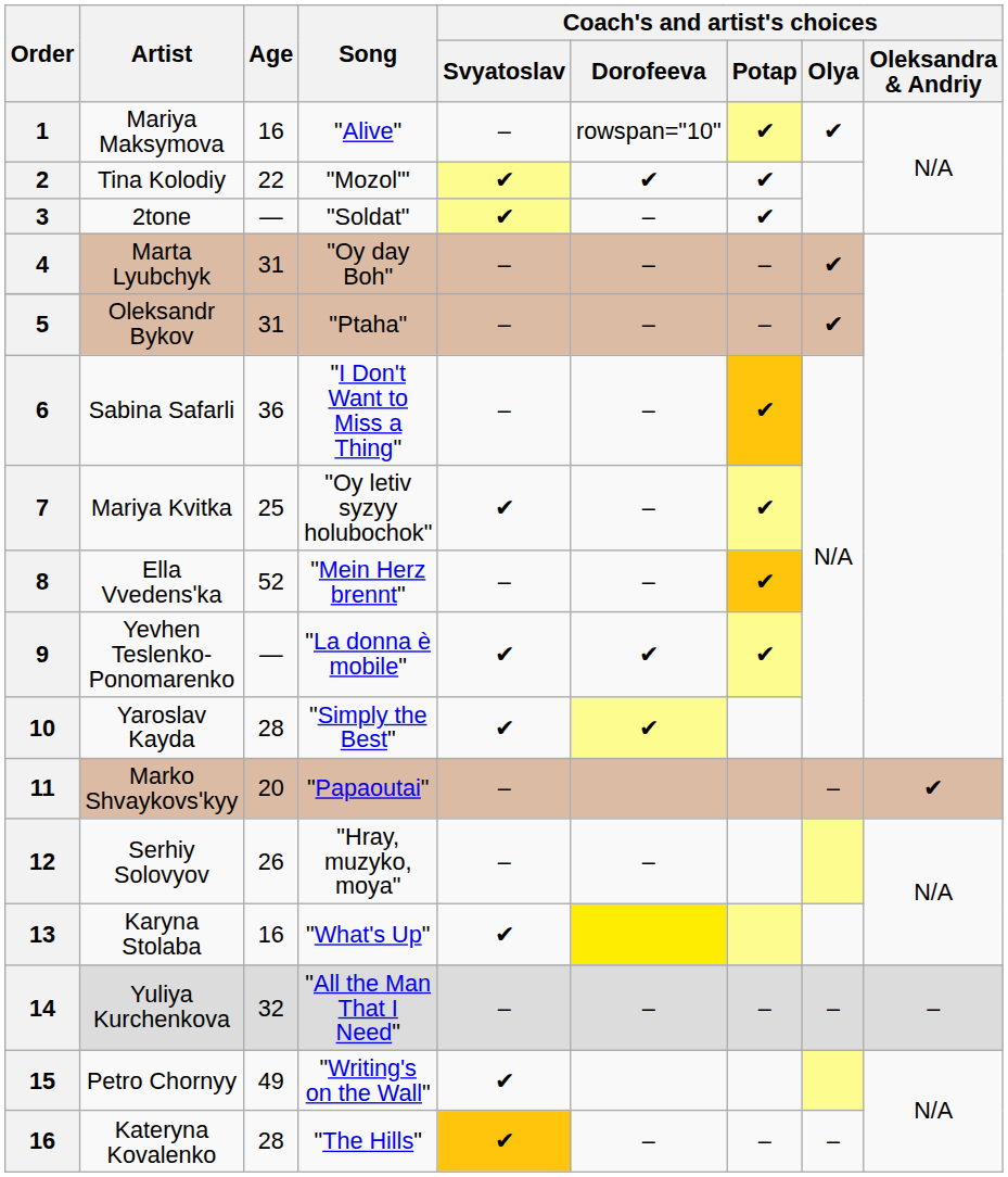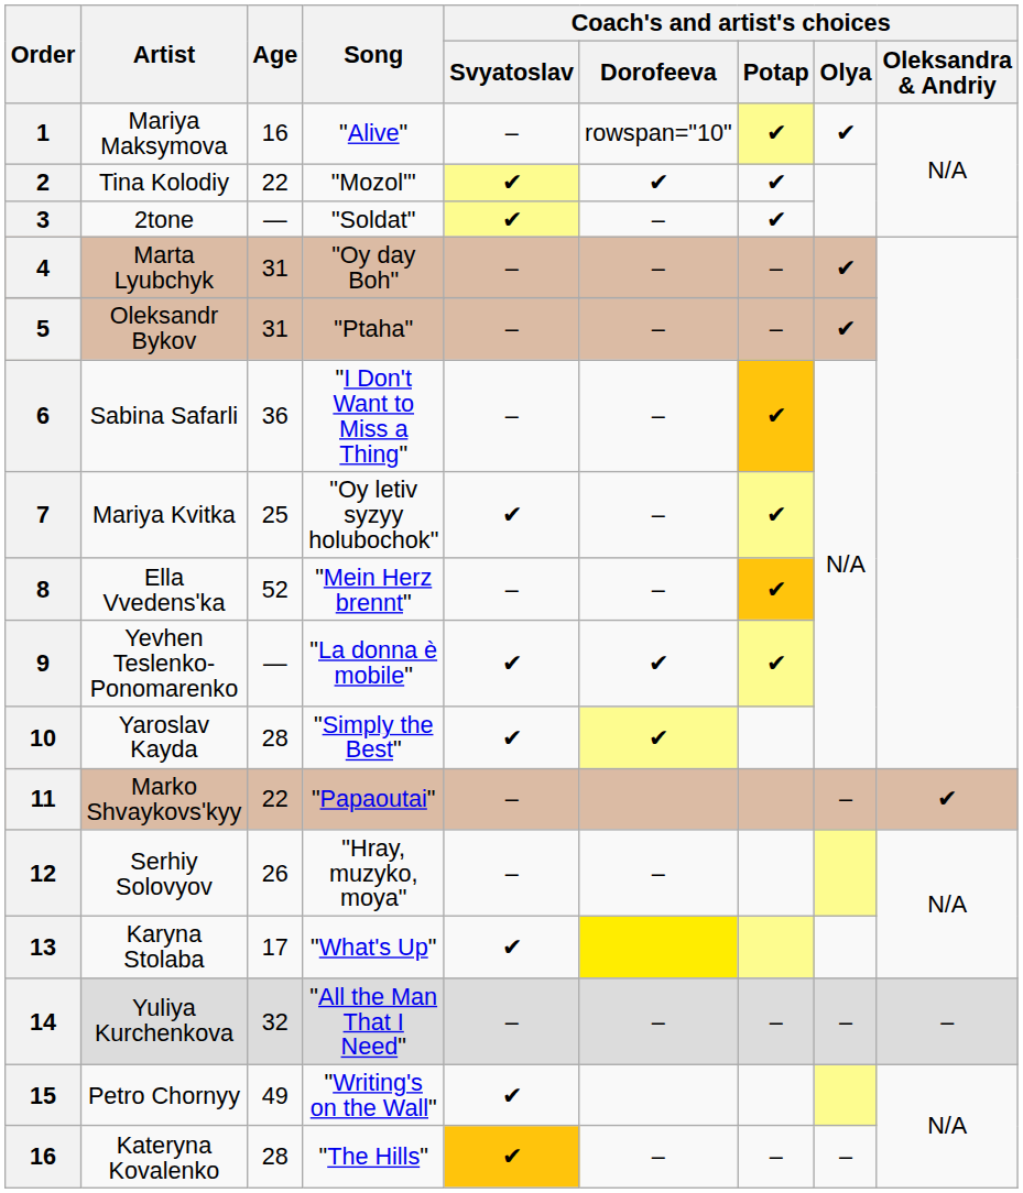 <table class="wikitable" style="text-align:center; line-height:17px; width:100%">
 <tr>
 <th rowspan="2" scope="col" style="width:03%">Order</th>
 <th rowspan="2" scope="col" style="width:20%">Artist</th>
 <th rowspan="2" scope="col" style="width:04%">Age</th>
 <th rowspan="2" scope="col" style="width:20%">Song</th>
 <th colspan="5" scope="col" style="width:28%">Coach's and artist's choices</th>
 </tr>
 <tr>
 <th style="width:7.5%">Svyatoslav</th>
 <th style="width:7.5%">Dorofeeva</th>
 <th style="width:7.5%">Potap</th>
 <th style="width:7.5%">Olya</th>
 <th style="width:7.5%">Oleksandra<br>& Andriy</th>
 </tr>
 <tr>
 <th>1</th>
 <td>Mariya Maksymova</td>
 <td>16</td>
 <td>"<a href='#'>Alive</a>"</td>
 <td>–</td>
 <td>rowspan="10" </td>
 <td style="background:#fdfc8f">✔</td>
 <td>✔</td>
 <td rowspan="3">N/A</td>
 </tr>
 <tr>
 <th>2</th>
 <td>Tina Kolodiy</td>
 <td>22</td>
 <td>"Mozol'"</td>
 <td style="background:#fdfc8f">✔</td>
 <td>✔</td>
 <td>✔</td>
 </tr>
 <tr>
 <th>3</th>
 <td>2tone</td>
 <td>—</td>
 <td>"Soldat"</td>
 <td style="background:#fdfc8f">✔</td>
 <td>–</td>
 <td>✔</td>
 </tr>
 <tr style="background:#dbbba4">
 <th>4</th>
 <td>Marta Lyubchyk</td>
 <td>31</td>
 <td>"Oy day Boh"</td>
 <td>–</td>
 <td>–</td>
 <td>–</td>
 <td>✔</td>
 </tr>
 <tr>
 </tr>
 <tr style="background:#dbbba4">
 <th>5</th>
 <td>Oleksandr Bykov</td>
 <td>31</td>
 <td>"Ptaha"</td>
 <td>–</td>
 <td>–</td>
 <td>–</td>
 <td>✔</td>
 </tr>
 <tr>
 <th>6</th>
 <td>Sabina Safarli</td>
 <td>36</td>
 <td>"<a href='#'>I Don't Want to Miss a Thing</a>"</td>
 <td>–</td>
 <td>–</td>
 <td style="background:#ffc40c">✔</td>
 <td rowspan="5">N/A</td>
 </tr>
 <tr>
 <th>7</th>
 <td>Mariya Kvitka</td>
 <td>25</td>
 <td>"Oy letiv syzyy holubochok"</td>
 <td>✔</td>
 <td>–</td>
 <td style="background:#fdfc8f">✔</td>
 </tr>
 <tr>
 <th>8</th>
 <td>Ella Vvedensʹka</td>
 <td>52</td>
 <td>"<a href='#'>Mein Herz brennt</a>"</td>
 <td>–</td>
 <td>–</td>
 <td style="background:#ffc40c">✔</td>
 </tr>
 <tr>
 <th>9</th>
 <td>Yevhen Teslenko-Ponomarenko</td>
 <td>—</td>
 <td>"<a href='#'>La donna è mobile</a>"</td>
 <td>✔</td>
 <td>✔</td>
 <td style="background:#fdfc8f">✔</td>
 </tr>
 <tr>
 <th>10</th>
 <td>Yaroslav Kayda</td>
 <td>28</td>
 <td>"<a href='#'>Simply the Best</a>"</td>
 <td>✔</td>
 <td style="background:#fdfc8f">✔</td>
 <td></td>
 </tr>
 <tr style="background:#dbbba4">
 <th>11</th>
 <td>Marko Shvaykovsʹkyy</td>
-<td>20</td>
+<td>22</td>
 <td>"<a href='#'>Papaoutai</a>"</td>
 <td>–</td>
 <td></td>
 <td></td>
 <td>–</td>
 <td>✔</td>
 </tr>
 <tr>
 <th>12</th>
 <td>Serhiy Solovyov</td>
 <td>26</td>
 <td>"Hray, muzyko, moya"</td>
 <td>–</td>
 <td>–</td>
 <td></td>
 <td style="background:#fdfc8f"></td>
 <td rowspan="2">N/A</td>
 </tr>
 <tr>
 <th>13</th>
 <td>Karyna Stolaba</td>
-<td>16</td>
+<td>17</td>
 <td>"<a href='#'>What's Up</a>"</td>
 <td>✔</td>
 <td style="background:#ffed00"></td>
 <td style="background:#fdfc8f"></td>
 <td></td>
 </tr>
 <tr style="background:#dcdcdc">
 <th>14</th>
 <td>Yuliya Kurchenkova</td>
 <td>32</td>
 <td>"<a href='#'>All the Man That I Need</a>"</td>
 <td>–</td>
 <td>–</td>
 <td>–</td>
 <td>–</td>
 <td>–</td>
 </tr>
 <tr>
 <th>15</th>
 <td>Petro Chornyy</td>
 <td>49</td>
 <td>"<a href='#'>Writing's on the Wall</a>"</td>
 <td>✔</td>
 <td></td>
 <td></td>
 <td style="background:#fdfc8f"></td>
 <td rowspan="2">N/A</td>
 </tr>
 <tr>
 <th>16</th>
 <td>Kateryna Kovalenko</td>
 <td>28</td>
 <td>"<a href='#'>The Hills</a>"</td>
 <td style="background:#ffc40c">✔</td>
 <td>–</td>
 <td>–</td>
 <td>–</td>
 </tr>
 </table>
